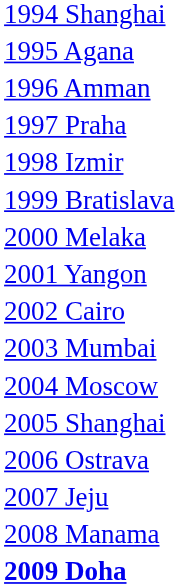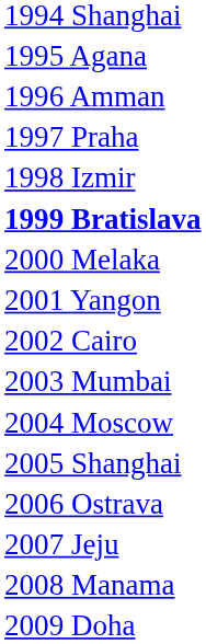 <table>
 <tr>
 <td><a href='#'>1994 Shanghai</a></td>
 <td></td>
 <td></td>
 <td></td>
 </tr>
 <tr>
 <td><a href='#'>1995 Agana</a></td>
 <td></td>
 <td></td>
 <td></td>
 </tr>
 <tr>
 <td><a href='#'>1996 Amman</a></td>
 <td></td>
 <td></td>
 <td></td>
 </tr>
 <tr>
 <td><a href='#'>1997 Praha</a></td>
 <td></td>
 <td></td>
 <td></td>
 </tr>
 <tr>
 <td><a href='#'>1998 Izmir</a></td>
 <td></td>
 <td></td>
 <td></td>
 </tr>
 <tr>
-<td><a href='#'>1999 Bratislava</a></td>
+<td><strong><a href='#'>1999 Bratislava</a></strong></td>
 <td></td>
 <td></td>
 <td></td>
 </tr>
 <tr>
 <td><a href='#'>2000 Melaka</a></td>
 <td></td>
 <td></td>
 <td></td>
 </tr>
 <tr>
 <td><a href='#'>2001 Yangon</a></td>
 <td></td>
 <td></td>
 <td></td>
 </tr>
 <tr>
 <td><a href='#'>2002 Cairo</a></td>
 <td></td>
 <td></td>
 <td></td>
 </tr>
 <tr>
 <td><a href='#'>2003 Mumbai</a></td>
 <td></td>
 <td></td>
 <td></td>
 </tr>
 <tr>
 <td><a href='#'>2004 Moscow</a></td>
 <td></td>
 <td></td>
 <td></td>
 </tr>
 <tr>
 <td><a href='#'>2005 Shanghai</a></td>
 <td></td>
 <td></td>
 <td></td>
 </tr>
 <tr>
 <td><a href='#'>2006 Ostrava</a></td>
 <td></td>
 <td></td>
 <td></td>
 </tr>
 <tr>
 <td><a href='#'>2007 Jeju</a></td>
 <td></td>
 <td></td>
 <td></td>
 </tr>
 <tr>
 <td><a href='#'>2008 Manama</a></td>
 <td></td>
 <td></td>
 <td></td>
 </tr>
 <tr>
-<td><strong><a href='#'>2009 Doha</a></strong></td>
+<td><a href='#'>2009 Doha</a></td>
 <td></td>
 <td></td>
 <td></td>
 </tr>
 </table>
